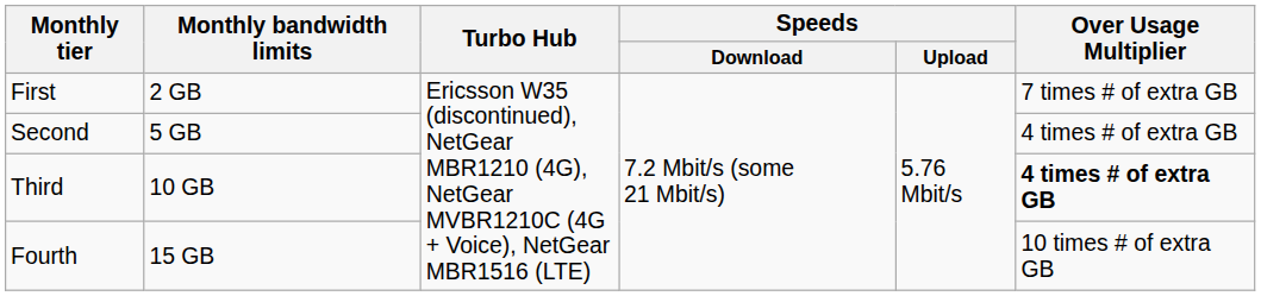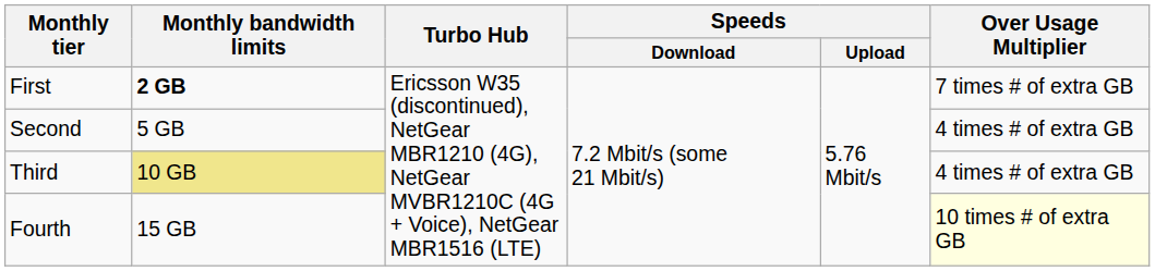 <table class="wikitable">
 <tr>
 <th rowspan="2">Monthly tier</th>
 <th rowspan="2">Monthly bandwidth limits</th>
 <th rowspan="2" style="width:130px;">Turbo Hub</th>
 <th colspan="2">Speeds</th>
 <th rowspan="2">Over Usage Multiplier</th>
 </tr>
 <tr style="font-size:smaller;">
 <th>Download</th>
 <th>Upload</th>
 </tr>
 <tr>
 <td>First</td>
-<td>2 GB</td>
+<td><strong>2 GB</strong></td>
 <td rowspan="4">Ericsson W35 (discontinued), NetGear MBR1210 (4G), NetGear MVBR1210C (4G + Voice), NetGear MBR1516 (LTE)</td>
 <td rowspan="4">7.2 Mbit/s (some 21 Mbit/s)</td>
 <td rowspan="4">5.76 Mbit/s</td>
 <td>7 times # of extra GB</td>
 </tr>
 <tr>
 <td>Second</td>
 <td>5 GB</td>
 <td>4 times # of extra GB</td>
 </tr>
 <tr>
 <td>Third</td>
-<td>10 GB</td>
-<td><strong>4 times # of extra GB</strong></td>
+<td style="background: khaki;">10 GB</td>
+<td>4 times # of extra GB</td>
 </tr>
 <tr>
 <td>Fourth</td>
 <td>15 GB</td>
-<td>10 times # of extra GB</td>
+<td style="background: lightyellow;">10 times # of extra GB</td>
 </tr>
 </table>
